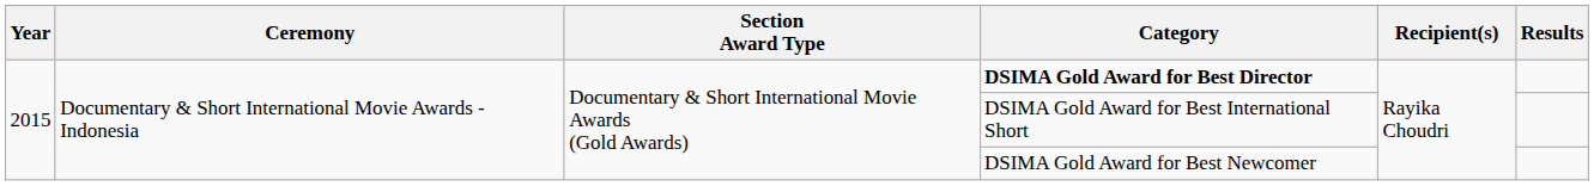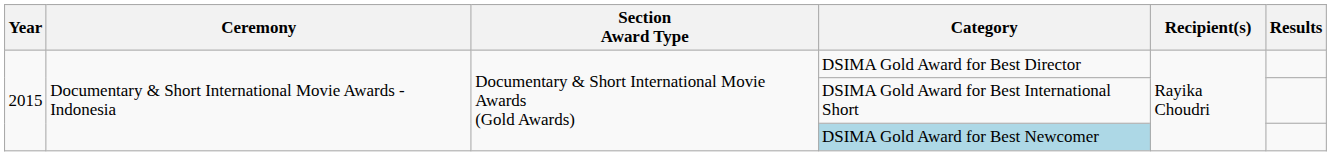 <table class="wikitable sortable">
 <tr>
 <th>Year</th>
 <th>Ceremony</th>
 <th>Section <br>Award Type</th>
 <th>Category</th>
 <th>Recipient(s)</th>
 <th>Results</th>
 </tr>
 <tr>
 <td rowspan="3">2015</td>
 <td rowspan="3">Documentary & Short International Movie Awards - Indonesia</td>
 <td rowspan="3">Documentary & Short International Movie Awards<br>(Gold Awards)</td>
-<td><strong>DSIMA Gold Award for Best Director</strong></td>
+<td>DSIMA Gold Award for Best Director</td>
 <td rowspan="3">Rayika Choudri</td>
 <td></td>
 </tr>
 <tr>
 <td>DSIMA Gold Award for Best International Short</td>
 <td></td>
 </tr>
 <tr>
-<td>DSIMA Gold Award for Best Newcomer</td>
+<td style="background: lightblue;">DSIMA Gold Award for Best Newcomer</td>
 <td></td>
 </tr>
 </table>
